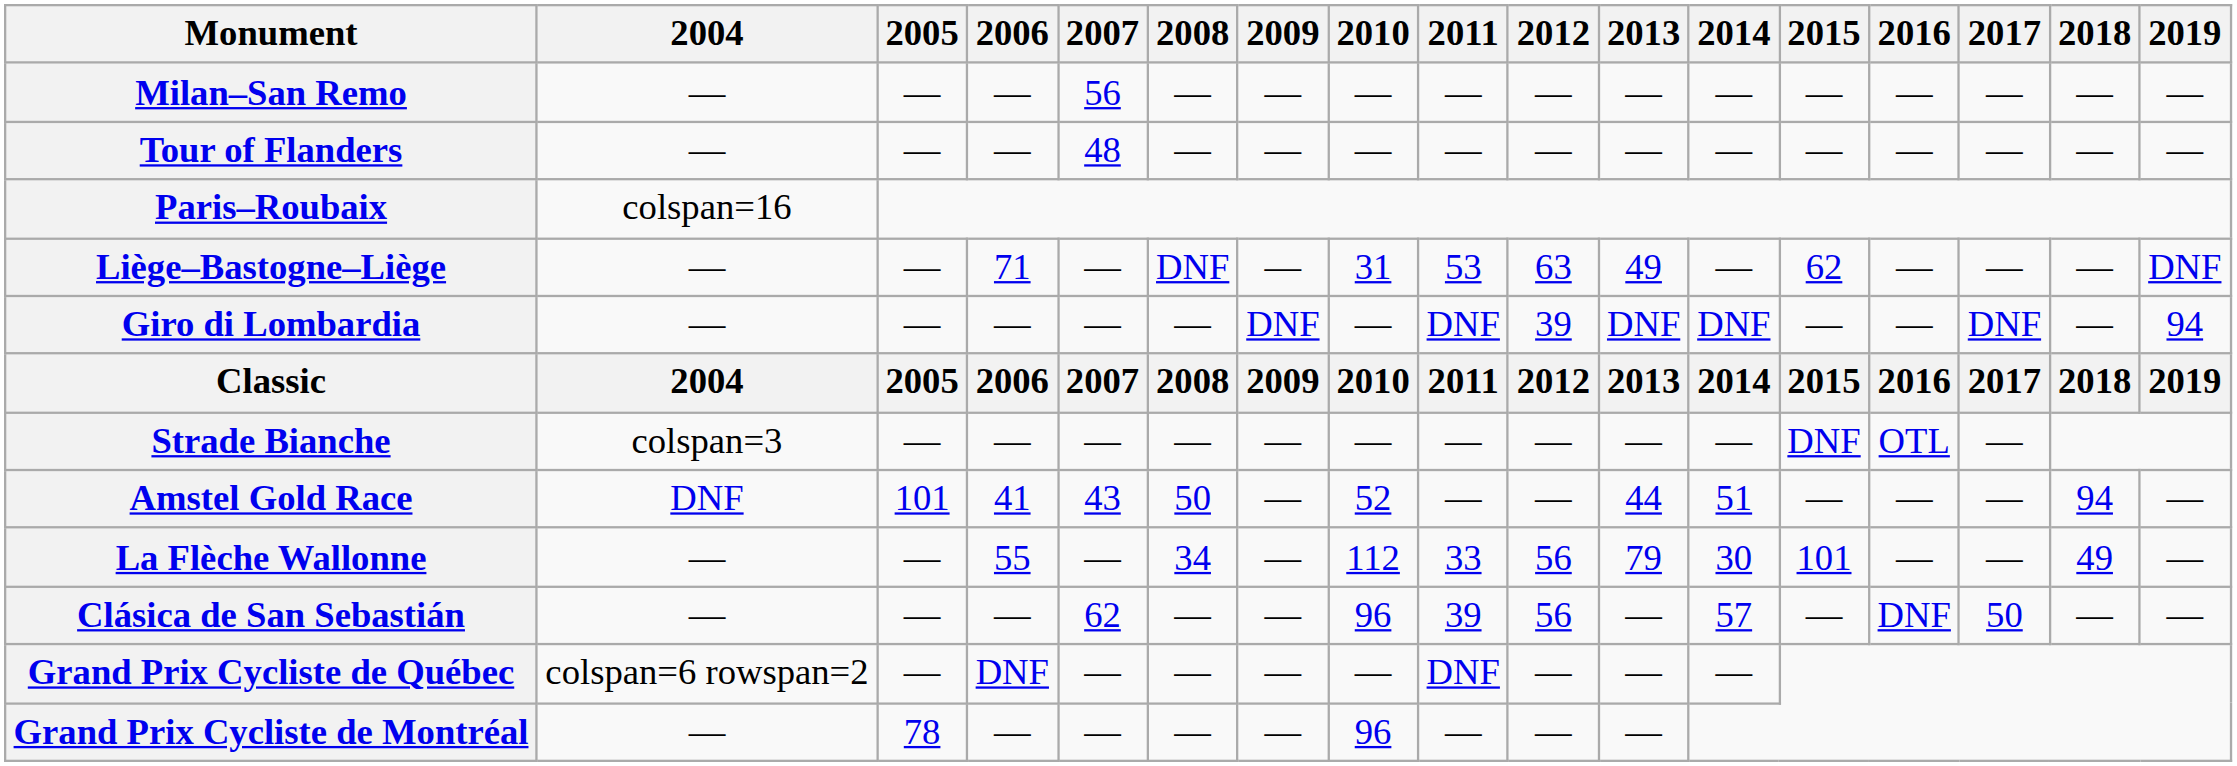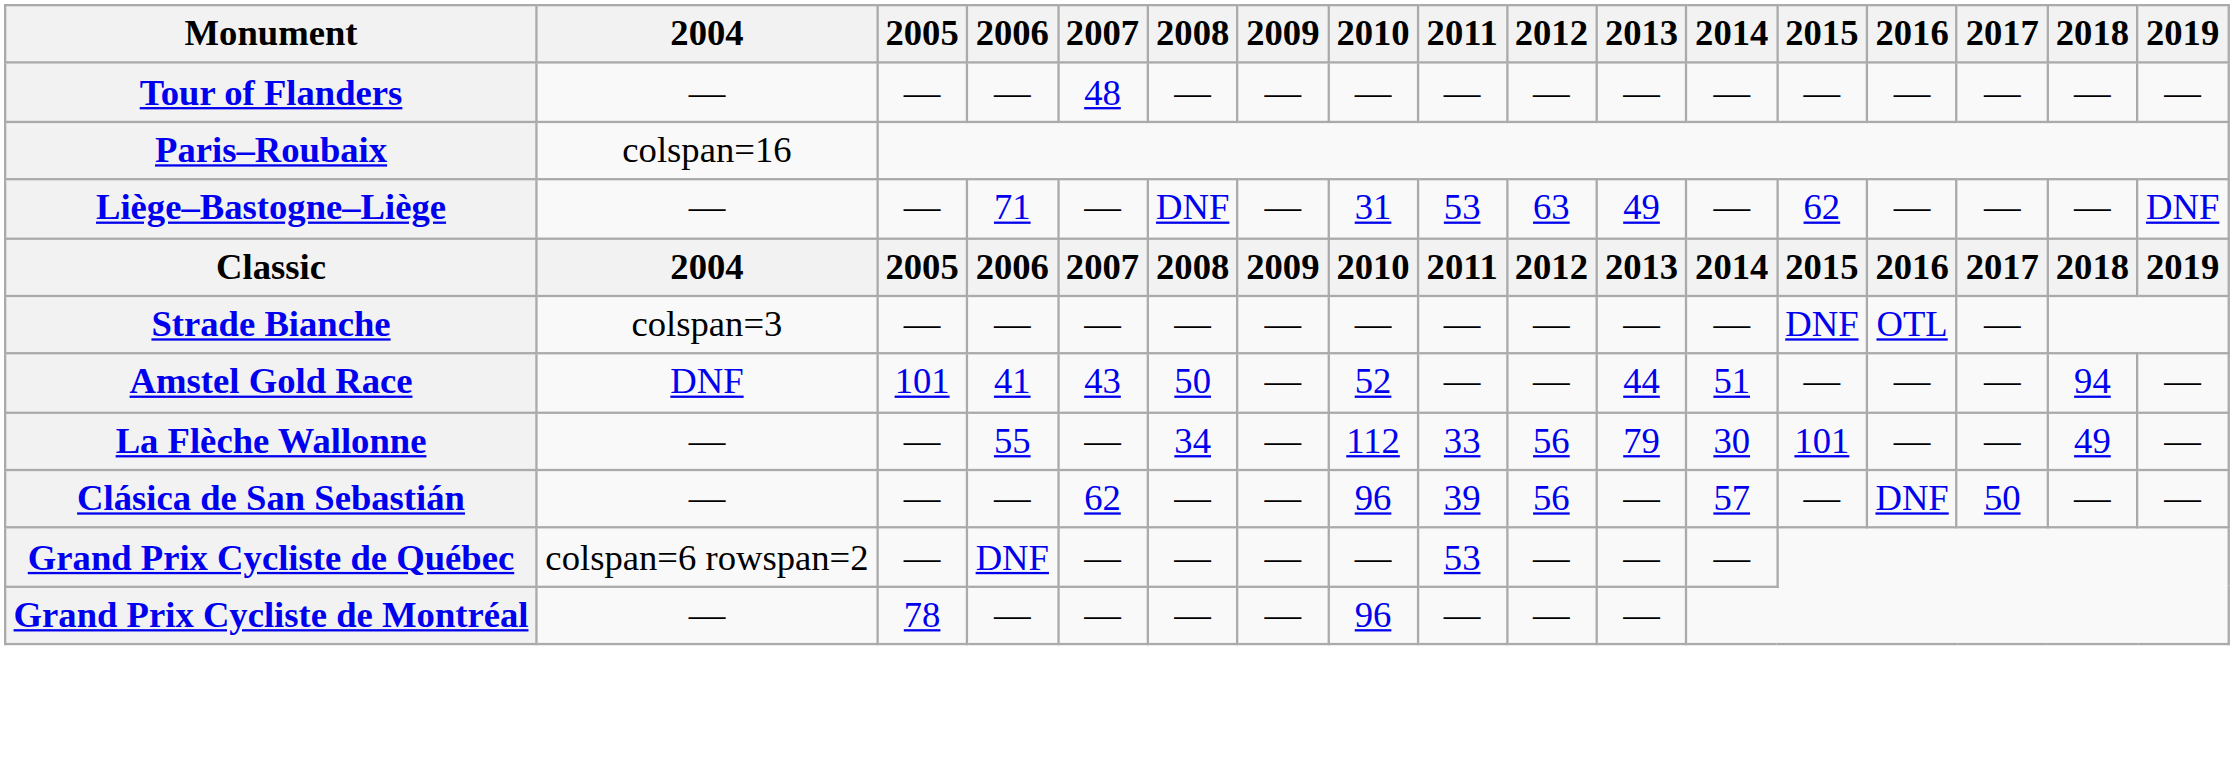 <table class="wikitable plainrowheaders">
 <tr>
 <th>Monument</th>
 <th>2004</th>
 <th>2005</th>
 <th>2006</th>
 <th>2007</th>
 <th>2008</th>
 <th>2009</th>
 <th>2010</th>
 <th>2011</th>
 <th>2012</th>
 <th>2013</th>
 <th>2014</th>
 <th>2015</th>
 <th>2016</th>
 <th>2017</th>
 <th>2018</th>
 <th>2019</th>
-</tr>
-<tr style="text-align:center;">
-<th scope="row"><a href='#'>Milan–San Remo</a></th>
-<td>—</td>
-<td>—</td>
-<td>—</td>
-<td><a href='#'>56</a></td>
-<td>—</td>
-<td>—</td>
-<td>—</td>
-<td>—</td>
-<td>—</td>
-<td>—</td>
-<td>—</td>
-<td>—</td>
-<td>—</td>
-<td>—</td>
-<td>—</td>
-<td>—</td>
 </tr>
 <tr style="text-align:center;">
 <th scope="row"><a href='#'>Tour of Flanders</a></th>
 <td>—</td>
 <td>—</td>
 <td>—</td>
 <td><a href='#'>48</a></td>
 <td>—</td>
 <td>—</td>
 <td>—</td>
 <td>—</td>
 <td>—</td>
 <td>—</td>
 <td>—</td>
 <td>—</td>
 <td>—</td>
 <td>—</td>
 <td>—</td>
 <td>—</td>
 </tr>
 <tr style="text-align:center;">
 <th scope="row"><a href='#'>Paris–Roubaix</a></th>
 <td>colspan=16 </td>
 </tr>
 <tr style="text-align:center;">
 <th scope="row"><a href='#'>Liège–Bastogne–Liège</a></th>
 <td>—</td>
 <td>—</td>
 <td><a href='#'>71</a></td>
 <td>—</td>
 <td><a href='#'>DNF</a></td>
 <td>—</td>
 <td><a href='#'>31</a></td>
 <td><a href='#'>53</a></td>
 <td><a href='#'>63</a></td>
 <td><a href='#'>49</a></td>
 <td>—</td>
 <td><a href='#'>62</a></td>
 <td>—</td>
 <td>—</td>
 <td>—</td>
 <td><a href='#'>DNF</a></td>
-</tr>
-<tr style="text-align:center;">
-<th scope="row"><a href='#'>Giro di Lombardia</a></th>
-<td>—</td>
-<td>—</td>
-<td>—</td>
-<td>—</td>
-<td>—</td>
-<td><a href='#'>DNF</a></td>
-<td>—</td>
-<td><a href='#'>DNF</a></td>
-<td><a href='#'>39</a></td>
-<td><a href='#'>DNF</a></td>
-<td><a href='#'>DNF</a></td>
-<td>—</td>
-<td>—</td>
-<td><a href='#'>DNF</a></td>
-<td>—</td>
-<td><a href='#'>94</a></td>
 </tr>
 <tr>
 <th>Classic</th>
 <th>2004</th>
 <th>2005</th>
 <th>2006</th>
 <th>2007</th>
 <th>2008</th>
 <th>2009</th>
 <th>2010</th>
 <th>2011</th>
 <th>2012</th>
 <th>2013</th>
 <th>2014</th>
 <th>2015</th>
 <th>2016</th>
 <th>2017</th>
 <th>2018</th>
 <th>2019</th>
 </tr>
 <tr style="text-align:center;">
 <th scope="row"><a href='#'>Strade Bianche</a></th>
 <td>colspan=3 </td>
 <td>—</td>
 <td>—</td>
 <td>—</td>
 <td>—</td>
 <td>—</td>
 <td>—</td>
 <td>—</td>
 <td>—</td>
 <td>—</td>
 <td>—</td>
 <td><a href='#'>DNF</a></td>
 <td><a href='#'>OTL</a></td>
 <td>—</td>
 </tr>
 <tr style="text-align:center;">
 <th scope="row"><a href='#'>Amstel Gold Race</a></th>
 <td><a href='#'>DNF</a></td>
 <td><a href='#'>101</a></td>
 <td><a href='#'>41</a></td>
 <td><a href='#'>43</a></td>
 <td><a href='#'>50</a></td>
 <td>—</td>
 <td><a href='#'>52</a></td>
 <td>—</td>
 <td>—</td>
 <td><a href='#'>44</a></td>
 <td><a href='#'>51</a></td>
 <td>—</td>
 <td>—</td>
 <td>—</td>
 <td><a href='#'>94</a></td>
 <td>—</td>
 </tr>
 <tr style="text-align:center;">
 <th scope="row"><a href='#'>La Flèche Wallonne</a></th>
 <td>—</td>
 <td>—</td>
 <td><a href='#'>55</a></td>
 <td>—</td>
 <td><a href='#'>34</a></td>
 <td>—</td>
 <td><a href='#'>112</a></td>
 <td><a href='#'>33</a></td>
 <td><a href='#'>56</a></td>
 <td><a href='#'>79</a></td>
 <td><a href='#'>30</a></td>
 <td><a href='#'>101</a></td>
 <td>—</td>
 <td>—</td>
 <td><a href='#'>49</a></td>
 <td>—</td>
 </tr>
 <tr style="text-align:center;">
 <th scope="row"><a href='#'>Clásica de San Sebastián</a></th>
 <td>—</td>
 <td>—</td>
 <td>—</td>
 <td><a href='#'>62</a></td>
 <td>—</td>
 <td>—</td>
 <td><a href='#'>96</a></td>
 <td><a href='#'>39</a></td>
 <td><a href='#'>56</a></td>
 <td>—</td>
 <td><a href='#'>57</a></td>
 <td>—</td>
 <td><a href='#'>DNF</a></td>
 <td><a href='#'>50</a></td>
 <td>—</td>
 <td>—</td>
 </tr>
 <tr style="text-align:center;">
 <th scope="row"><a href='#'>Grand Prix Cycliste de Québec</a></th>
 <td>colspan=6 rowspan=2 </td>
 <td>—</td>
 <td><a href='#'>DNF</a></td>
 <td>—</td>
 <td>—</td>
 <td>—</td>
 <td>—</td>
-<td><a href='#'>DNF</a></td>
+<td><a href='#'>53</a></td>
 <td>—</td>
 <td>—</td>
 <td>—</td>
 </tr>
 <tr style="text-align:center;">
 <th scope="row"><a href='#'>Grand Prix Cycliste de Montréal</a></th>
 <td>—</td>
 <td><a href='#'>78</a></td>
 <td>—</td>
 <td>—</td>
 <td>—</td>
 <td>—</td>
 <td><a href='#'>96</a></td>
 <td>—</td>
 <td>—</td>
 <td>—</td>
 </tr>
 </table>
